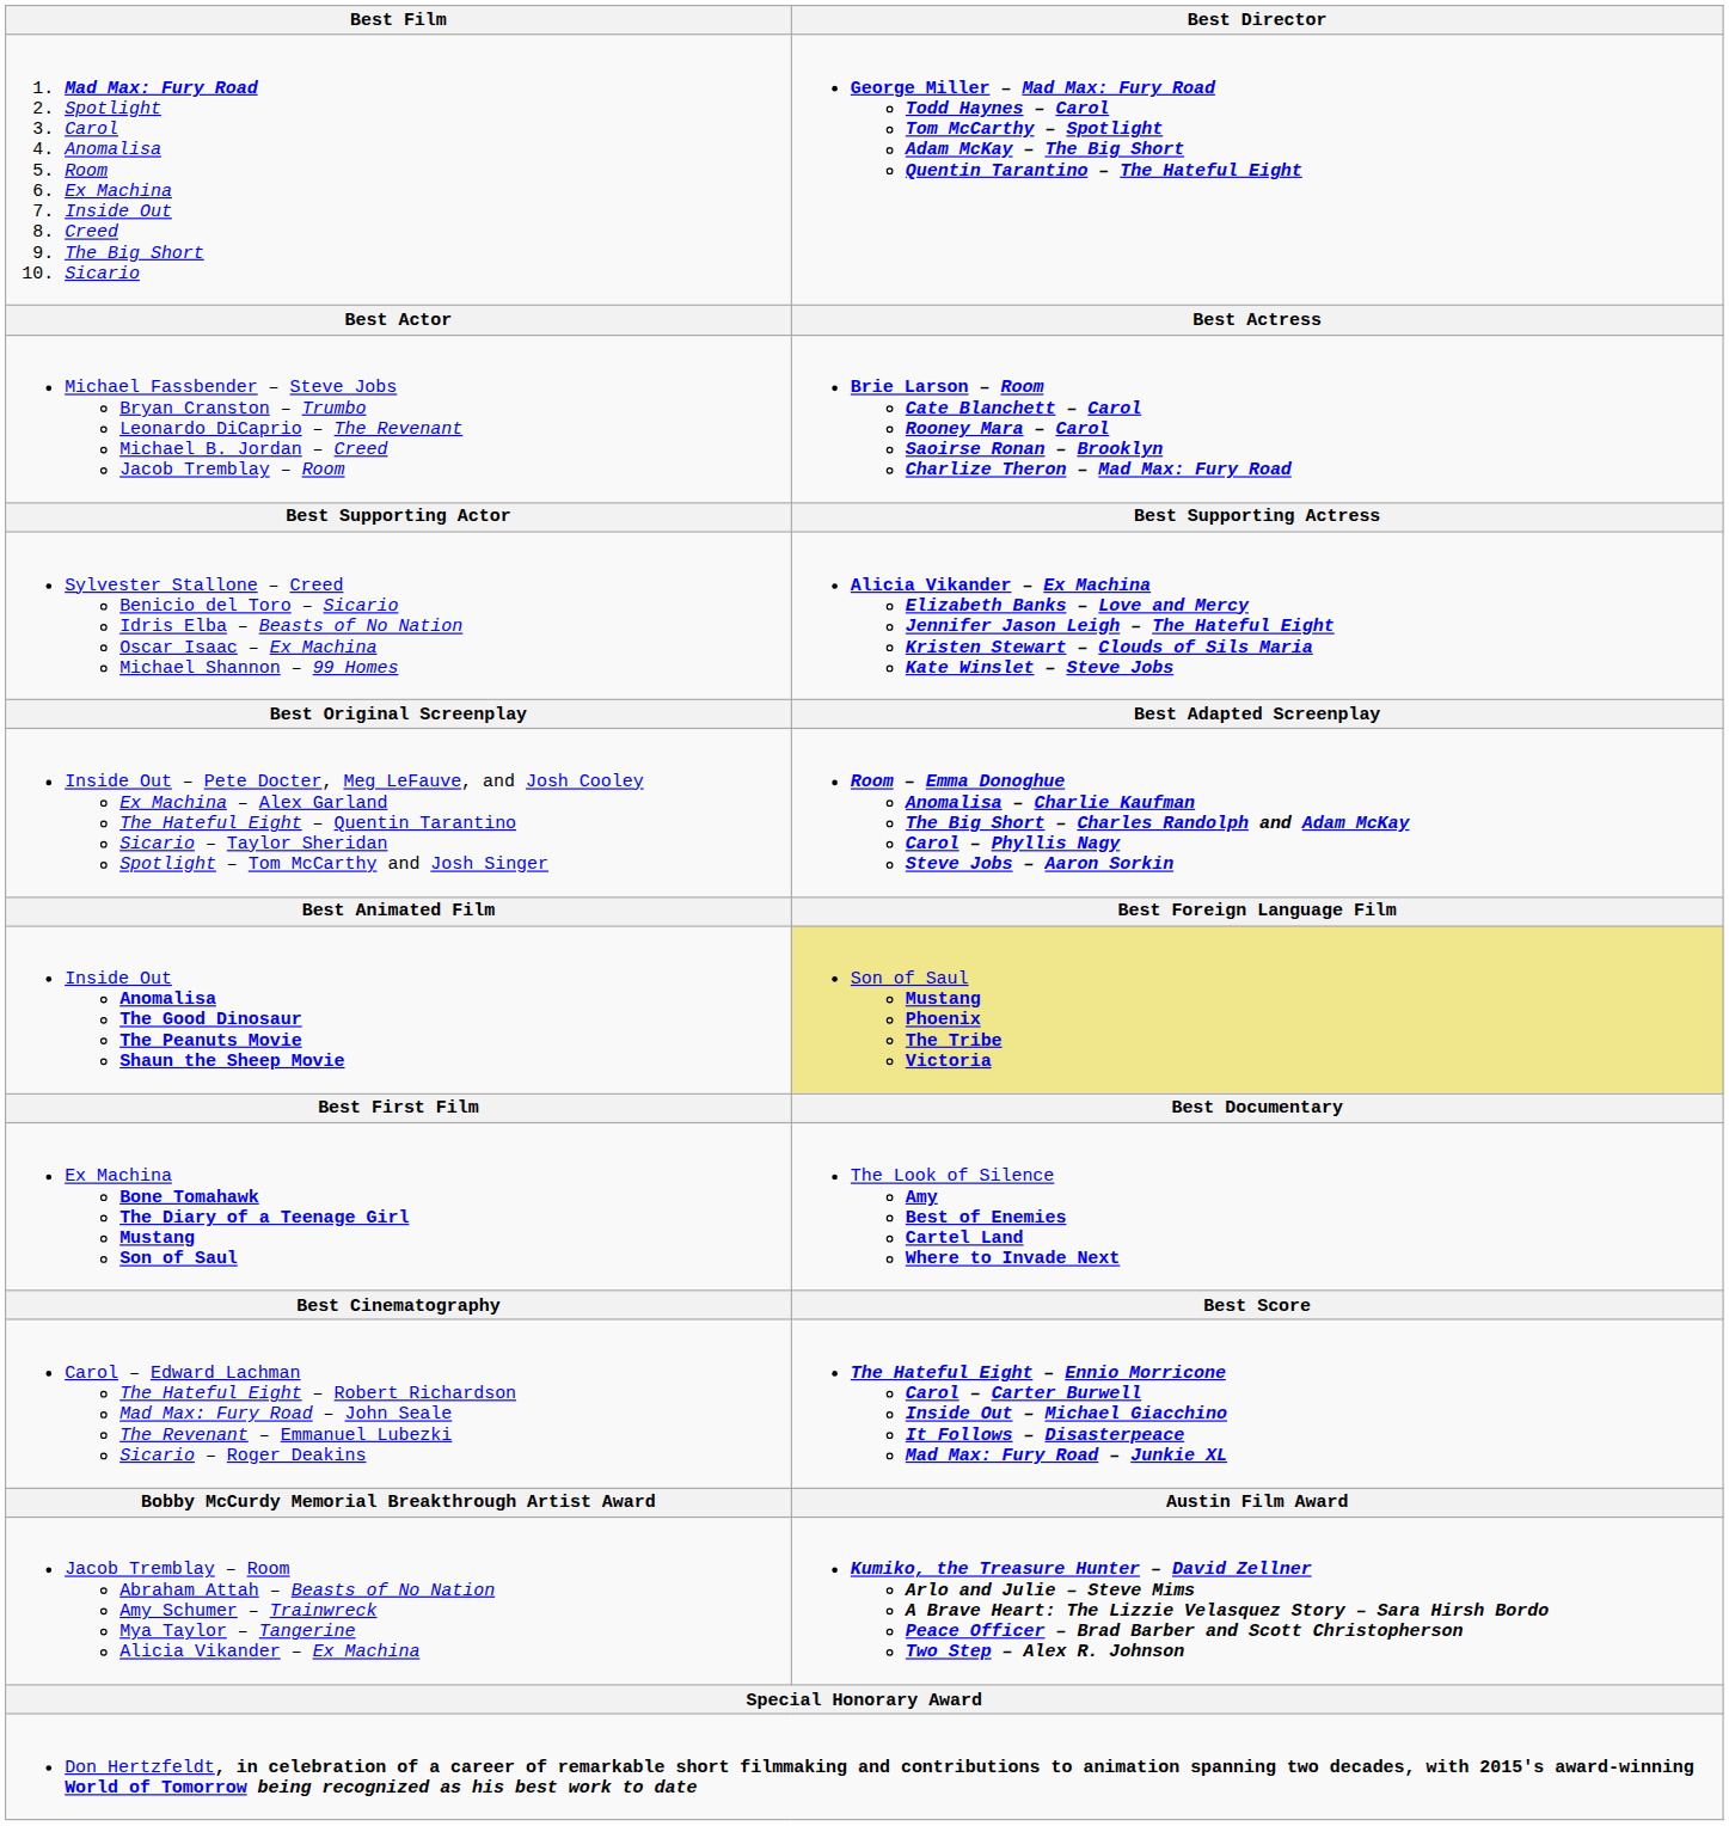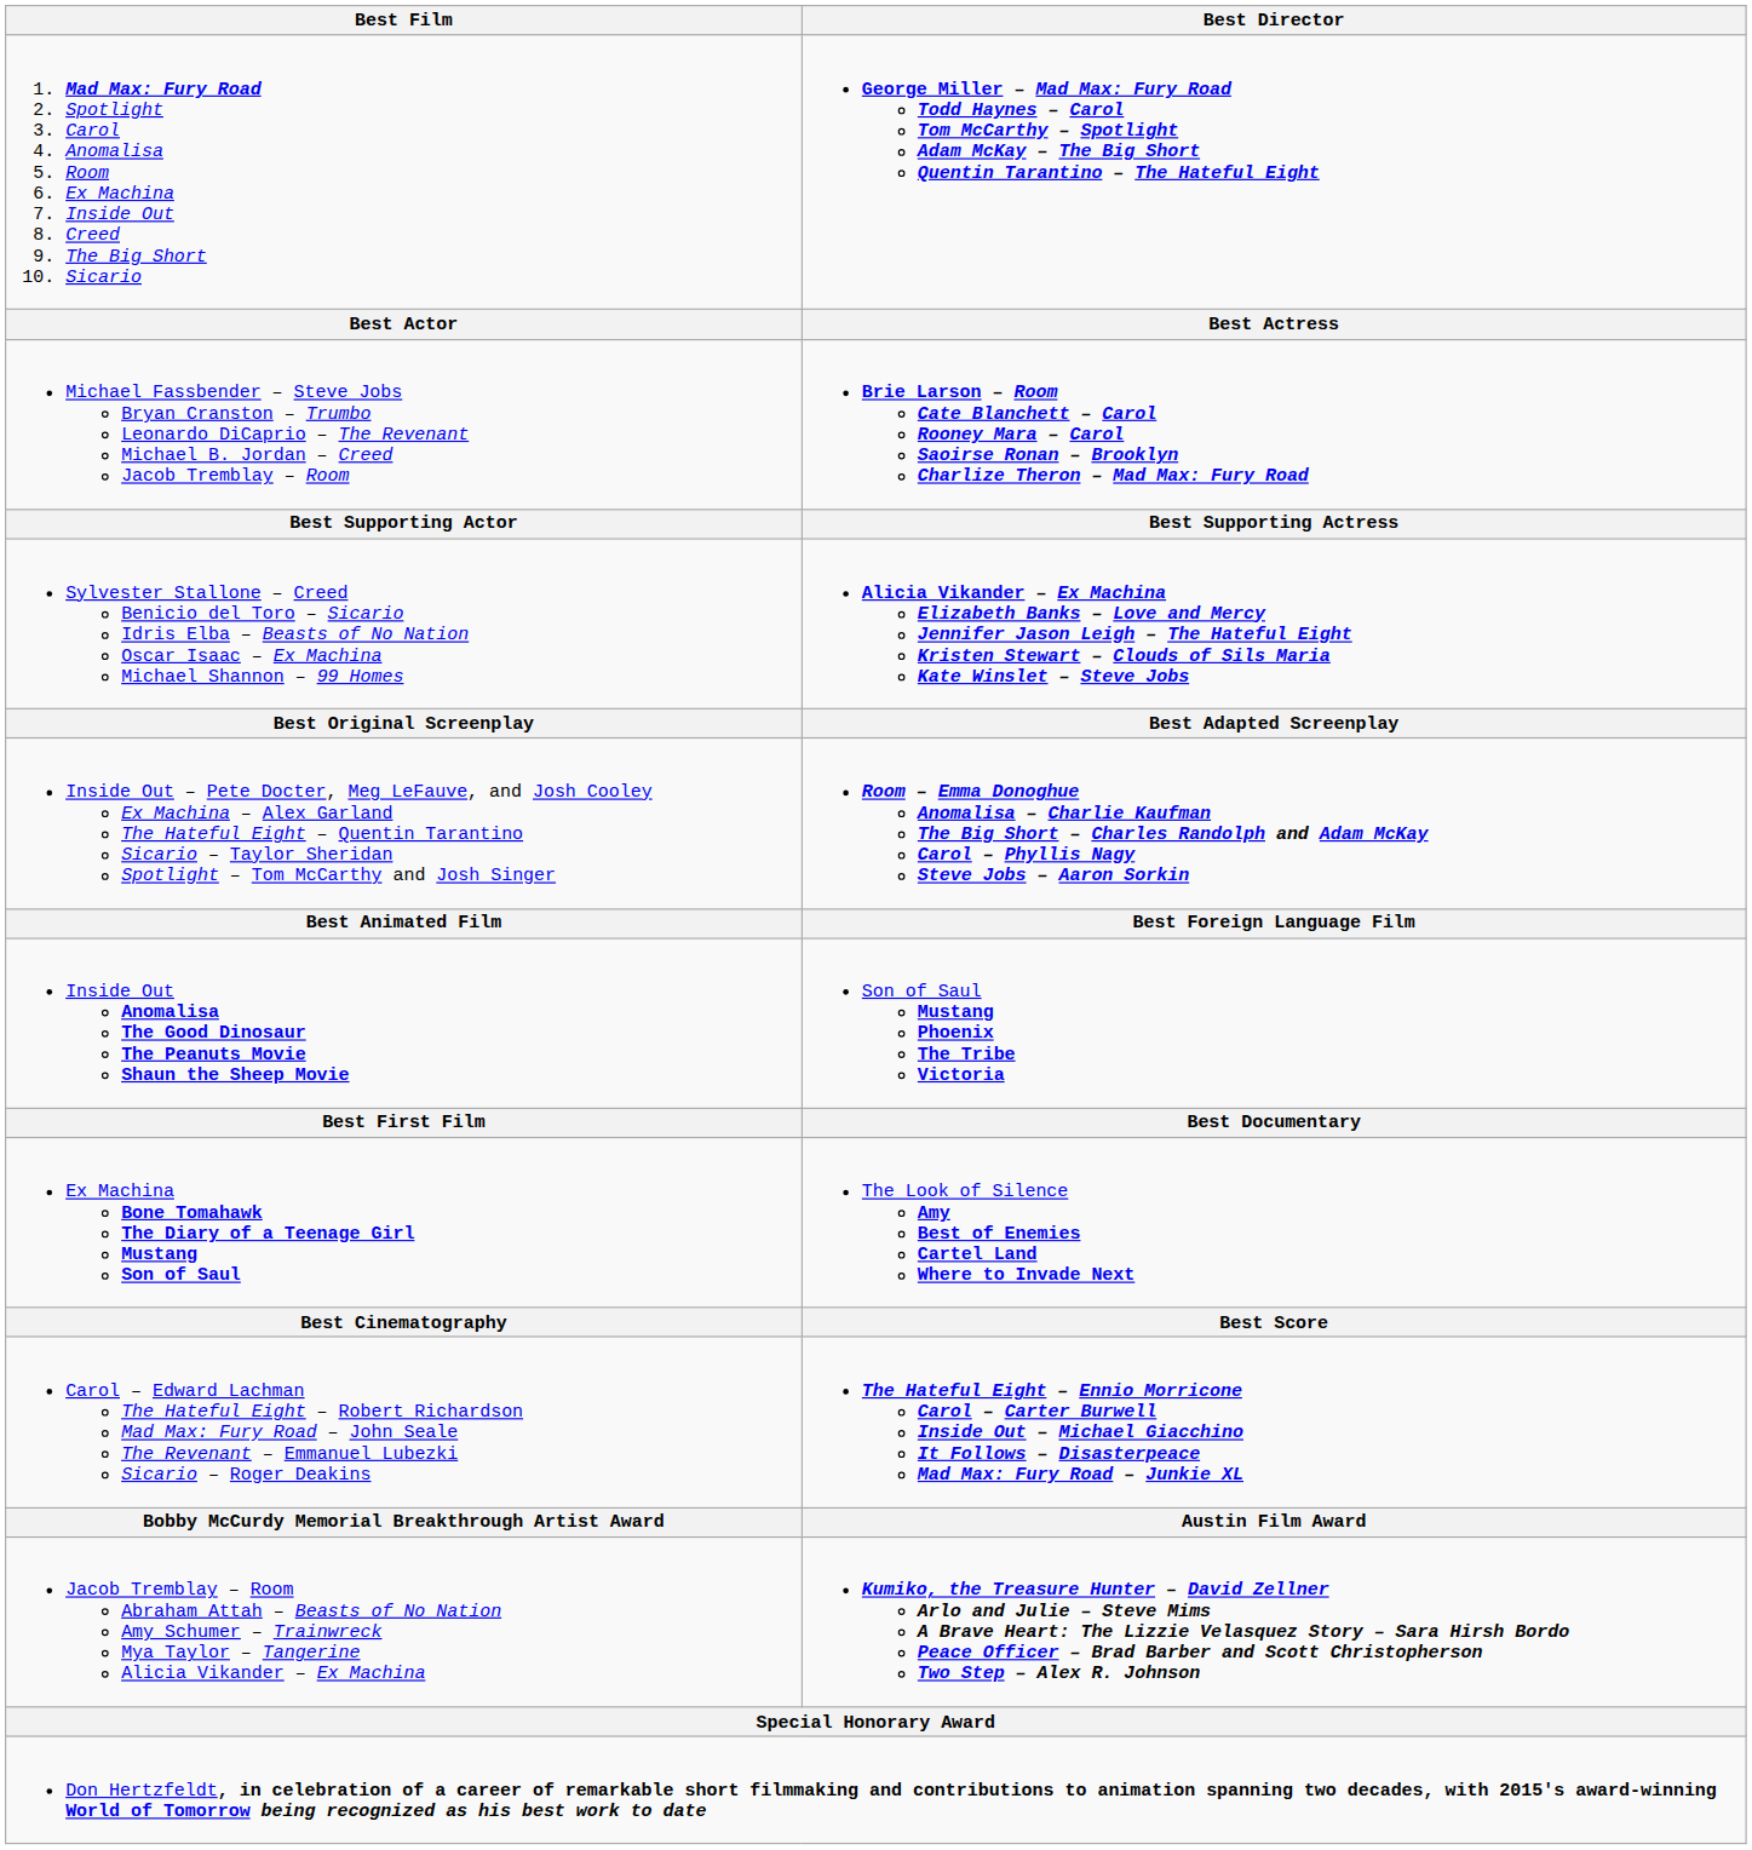 <table class=wikitable style="width=100%">
 <tr>
 <th style="width=50%">Best Film</th>
 <th style="width=50%">Best Director</th>
 </tr>
 <tr>
 <td valign="top"><br><ol><li><strong><em><a href='#'>Mad Max: Fury Road</a></em></strong></li><li><em><a href='#'>Spotlight</a></em></li><li><em><a href='#'>Carol</a></em></li><li><em><a href='#'>Anomalisa</a></em></li><li><em><a href='#'>Room</a></em></li><li><em><a href='#'>Ex Machina</a></em></li><li><em><a href='#'>Inside Out</a></em></li><li><em><a href='#'>Creed</a></em></li><li><em><a href='#'>The Big Short</a></em></li><li><em><a href='#'>Sicario</a></em></li></ol></td>
 <td valign="top"><br><ul><li><strong><a href='#'>George Miller</a> – <em><a href='#'>Mad Max: Fury Road</a><strong><em><ul><li><a href='#'>Todd Haynes</a> – </em><a href='#'>Carol</a><em></li><li><a href='#'>Tom McCarthy</a> – </em><a href='#'>Spotlight</a><em></li><li><a href='#'>Adam McKay</a> – </em><a href='#'>The Big Short</a><em></li><li><a href='#'>Quentin Tarantino</a> – </em><a href='#'>The Hateful Eight</a><em></li></ul></li></ul></td>
 </tr>
 <tr>
 <th style="width=50%">Best Actor</th>
 <th style="width=50%">Best Actress</th>
 </tr>
 <tr>
 <td valign="top"><br><ul><li></strong><a href='#'>Michael Fassbender</a> – </em><a href='#'>Steve Jobs</a></em></strong><ul><li><a href='#'>Bryan Cranston</a> – <em><a href='#'>Trumbo</a></em></li><li><a href='#'>Leonardo DiCaprio</a> – <em><a href='#'>The Revenant</a></em></li><li><a href='#'>Michael B. Jordan</a> – <em><a href='#'>Creed</a></em></li><li><a href='#'>Jacob Tremblay</a> – <em><a href='#'>Room</a></em></li></ul></li></ul></td>
 <td valign="top"><br><ul><li><strong><a href='#'>Brie Larson</a> – <em><a href='#'>Room</a><strong><em><ul><li><a href='#'>Cate Blanchett</a> – </em><a href='#'>Carol</a><em></li><li><a href='#'>Rooney Mara</a> – </em><a href='#'>Carol</a><em></li><li><a href='#'>Saoirse Ronan</a> – </em><a href='#'>Brooklyn</a><em></li><li><a href='#'>Charlize Theron</a> – </em><a href='#'>Mad Max: Fury Road</a><em></li></ul></li></ul></td>
 </tr>
 <tr>
 <th style="width=50%">Best Supporting Actor</th>
 <th style="width=50%">Best Supporting Actress</th>
 </tr>
 <tr>
 <td valign="top"><br><ul><li></strong><a href='#'>Sylvester Stallone</a> – </em><a href='#'>Creed</a></em></strong><ul><li><a href='#'>Benicio del Toro</a> – <em><a href='#'>Sicario</a></em></li><li><a href='#'>Idris Elba</a> – <em><a href='#'>Beasts of No Nation</a></em></li><li><a href='#'>Oscar Isaac</a> – <em><a href='#'>Ex Machina</a></em></li><li><a href='#'>Michael Shannon</a> – <em><a href='#'>99 Homes</a></em></li></ul></li></ul></td>
 <td valign="top"><br><ul><li><strong><a href='#'>Alicia Vikander</a> – <em><a href='#'>Ex Machina</a><strong><em><ul><li><a href='#'>Elizabeth Banks</a> – </em><a href='#'>Love and Mercy</a><em></li><li><a href='#'>Jennifer Jason Leigh</a> – </em><a href='#'>The Hateful Eight</a><em></li><li><a href='#'>Kristen Stewart</a> – </em><a href='#'>Clouds of Sils Maria</a><em></li><li><a href='#'>Kate Winslet</a> – </em><a href='#'>Steve Jobs</a><em></li></ul></li></ul></td>
 </tr>
 <tr>
 <th style="width=50%">Best Original Screenplay</th>
 <th style="width=50%">Best Adapted Screenplay</th>
 </tr>
 <tr>
 <td valign="top"><br><ul><li></em></strong><a href='#'>Inside Out</a></em> – <a href='#'>Pete Docter</a>, <a href='#'>Meg LeFauve</a>, and <a href='#'>Josh Cooley</a></strong><ul><li><em><a href='#'>Ex Machina</a></em> – <a href='#'>Alex Garland</a></li><li><em><a href='#'>The Hateful Eight</a></em> – <a href='#'>Quentin Tarantino</a></li><li><em><a href='#'>Sicario</a></em> – <a href='#'>Taylor Sheridan</a></li><li><em><a href='#'>Spotlight</a></em> – <a href='#'>Tom McCarthy</a> and <a href='#'>Josh Singer</a></li></ul></li></ul></td>
 <td valign="top"><br><ul><li><strong><em><a href='#'>Room</a><em> – <a href='#'>Emma Donoghue</a><strong><ul><li></em><a href='#'>Anomalisa</a><em> – <a href='#'>Charlie Kaufman</a></li><li></em><a href='#'>The Big Short</a><em> – <a href='#'>Charles Randolph</a> and <a href='#'>Adam McKay</a></li><li></em><a href='#'>Carol</a><em> – <a href='#'>Phyllis Nagy</a></li><li></em><a href='#'>Steve Jobs</a><em> – <a href='#'>Aaron Sorkin</a></li></ul></li></ul></td>
 </tr>
 <tr>
 <th style="width=50%">Best Animated Film</th>
 <th style="width=50%">Best Foreign Language Film</th>
 </tr>
 <tr>
 <td valign="top"><br><ul><li></em></strong><a href='#'>Inside Out</a><strong><em><ul><li></em><a href='#'>Anomalisa</a><em></li><li></em><a href='#'>The Good Dinosaur</a><em></li><li></em><a href='#'>The Peanuts Movie</a><em></li><li></em><a href='#'>Shaun the Sheep Movie</a><em></li></ul></li></ul></td>
-<td valign="top" style="background: khaki;"><br><ul><li></em></strong><a href='#'>Son of Saul</a><strong><em><ul><li></em><a href='#'>Mustang</a><em></li><li></em><a href='#'>Phoenix</a><em></li><li></em><a href='#'>The Tribe</a><em></li><li></em><a href='#'>Victoria</a><em></li></ul></li></ul></td>
+<td valign="top"><br><ul><li></em></strong><a href='#'>Son of Saul</a><strong><em><ul><li></em><a href='#'>Mustang</a><em></li><li></em><a href='#'>Phoenix</a><em></li><li></em><a href='#'>The Tribe</a><em></li><li></em><a href='#'>Victoria</a><em></li></ul></li></ul></td>
 </tr>
 <tr>
 <th style="width=50%">Best First Film</th>
 <th style="width=50%">Best Documentary</th>
 </tr>
 <tr>
 <td valign="top"><br><ul><li></em></strong><a href='#'>Ex Machina</a><strong><em><ul><li></em><a href='#'>Bone Tomahawk</a><em></li><li></em><a href='#'>The Diary of a Teenage Girl</a><em></li><li></em><a href='#'>Mustang</a><em></li><li></em><a href='#'>Son of Saul</a><em></li></ul></li></ul></td>
 <td valign="top"><br><ul><li></em></strong><a href='#'>The Look of Silence</a><strong><em><ul><li></em><a href='#'>Amy</a><em></li><li></em><a href='#'>Best of Enemies</a><em></li><li></em><a href='#'>Cartel Land</a><em></li><li></em><a href='#'>Where to Invade Next</a><em></li></ul></li></ul></td>
 </tr>
 <tr>
 <th style="width=50%">Best Cinematography</th>
 <th style="width=50%">Best Score</th>
 </tr>
 <tr>
 <td valign="top"><br><ul><li></em></strong><a href='#'>Carol</a></em> – <a href='#'>Edward Lachman</a></strong><ul><li><em><a href='#'>The Hateful Eight</a></em> – <a href='#'>Robert Richardson</a></li><li><em><a href='#'>Mad Max: Fury Road</a></em> – <a href='#'>John Seale</a></li><li><em><a href='#'>The Revenant</a></em> – <a href='#'>Emmanuel Lubezki</a></li><li><em><a href='#'>Sicario</a></em> – <a href='#'>Roger Deakins</a></li></ul></li></ul></td>
 <td valign="top"><br><ul><li><strong><em><a href='#'>The Hateful Eight</a><em> – <a href='#'>Ennio Morricone</a><strong><ul><li></em><a href='#'>Carol</a><em> – <a href='#'>Carter Burwell</a></li><li></em><a href='#'>Inside Out</a><em> – <a href='#'>Michael Giacchino</a></li><li></em><a href='#'>It Follows</a><em> – <a href='#'>Disasterpeace</a></li><li></em><a href='#'>Mad Max: Fury Road</a><em> – <a href='#'>Junkie XL</a></li></ul></li></ul></td>
 </tr>
 <tr>
 <th style="width=50%">Bobby McCurdy Memorial Breakthrough Artist Award</th>
 <th style="width=50%">Austin Film Award</th>
 </tr>
 <tr>
 <td valign="top"><br><ul><li></strong><a href='#'>Jacob Tremblay</a> – </em><a href='#'>Room</a></em></strong><ul><li><a href='#'>Abraham Attah</a> – <em><a href='#'>Beasts of No Nation</a></em></li><li><a href='#'>Amy Schumer</a> – <em><a href='#'>Trainwreck</a></em></li><li><a href='#'>Mya Taylor</a> – <em><a href='#'>Tangerine</a></em></li><li><a href='#'>Alicia Vikander</a> – <em><a href='#'>Ex Machina</a></em></li></ul></li></ul></td>
 <td valign="top"><br><ul><li><strong><em><a href='#'>Kumiko, the Treasure Hunter</a><em> – <a href='#'>David Zellner</a><strong><ul><li></em>Arlo and Julie<em> – Steve Mims</li><li></em>A Brave Heart: The Lizzie Velasquez Story<em> – Sara Hirsh Bordo</li><li></em><a href='#'>Peace Officer</a><em> – Brad Barber and Scott Christopherson</li><li></em><a href='#'>Two Step</a><em> – Alex R. Johnson</li></ul></li></ul></td>
 </tr>
 <tr>
 <th colspan="2">Special Honorary Award</th>
 </tr>
 <tr>
 <td colspan=2 valign="top" width="50%"><br><ul><li></strong><a href='#'>Don Hertzfeldt</a><strong>, in celebration of a career of remarkable short filmmaking and contributions to animation spanning two decades, with 2015's award-winning </em><a href='#'>World of Tomorrow</a><em> being recognized as his best work to date</li></ul></td>
 </tr>
 </table>
